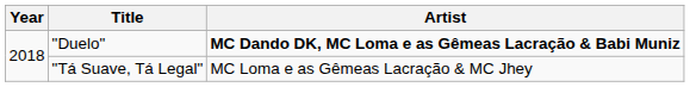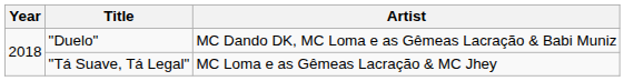 <table class="wikitable">
 <tr>
 <th>Year</th>
 <th>Title</th>
 <th>Artist</th>
 </tr>
 <tr>
 <td rowspan="2">2018</td>
 <td>"Duelo"</td>
-<td><strong>MC Dando DK, MC Loma e as Gêmeas Lacração & Babi Muniz</strong></td>
+<td>MC Dando DK, MC Loma e as Gêmeas Lacração & Babi Muniz</td>
 </tr>
 <tr>
 <td>"Tá Suave, Tá Legal"</td>
 <td>MC Loma e as Gêmeas Lacração & MC Jhey</td>
 </tr>
 </table>
